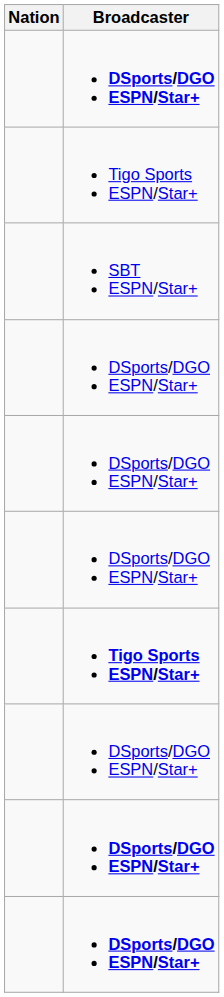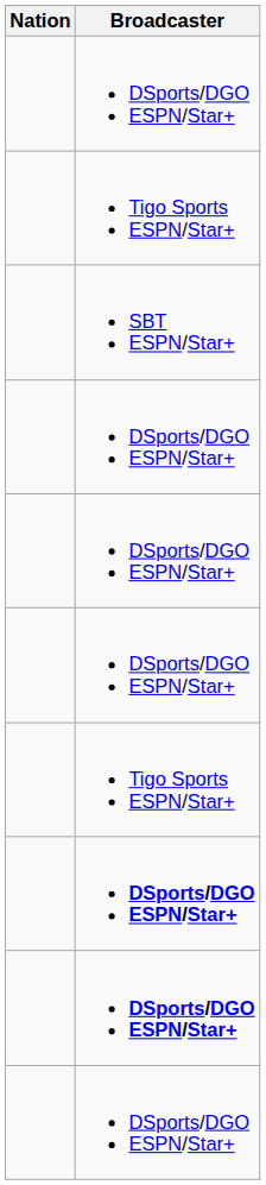 <table class="wikitable">
 <tr>
 <th>Nation</th>
 <th>Broadcaster</th>
 </tr>
 <tr>
 <td></td>
-<td><strong><br><ul><li><a href='#'>DSports</a>/<a href='#'>DGO</a></li><li><a href='#'>ESPN</a>/<a href='#'>Star+</a></li></ul></strong></td>
+<td><br><ul><li><a href='#'>DSports</a>/<a href='#'>DGO</a></li><li><a href='#'>ESPN</a>/<a href='#'>Star+</a></li></ul></td>
 </tr>
 <tr>
 <td></td>
 <td><br><ul><li><a href='#'>Tigo Sports</a></li><li><a href='#'>ESPN</a>/<a href='#'>Star+</a></li></ul></td>
 </tr>
 <tr>
 <td></td>
 <td><br><ul><li><a href='#'>SBT</a></li><li><a href='#'>ESPN</a>/<a href='#'>Star+</a></li></ul></td>
 </tr>
 <tr>
 <td></td>
 <td><br><ul><li><a href='#'>DSports</a>/<a href='#'>DGO</a></li><li><a href='#'>ESPN</a>/<a href='#'>Star+</a></li></ul></td>
 </tr>
 <tr>
 <td></td>
 <td><br><ul><li><a href='#'>DSports</a>/<a href='#'>DGO</a></li><li><a href='#'>ESPN</a>/<a href='#'>Star+</a></li></ul></td>
 </tr>
 <tr>
 <td></td>
 <td><br><ul><li><a href='#'>DSports</a>/<a href='#'>DGO</a></li><li><a href='#'>ESPN</a>/<a href='#'>Star+</a></li></ul></td>
 </tr>
 <tr>
 <td></td>
-<td><strong><br><ul><li><a href='#'>Tigo Sports</a></li><li><a href='#'>ESPN</a>/<a href='#'>Star+</a></li></ul></strong></td>
-</tr>
-<tr>
-<td></td>
-<td><br><ul><li><a href='#'>DSports</a>/<a href='#'>DGO</a></li><li><a href='#'>ESPN</a>/<a href='#'>Star+</a></li></ul></td>
+<td><br><ul><li><a href='#'>Tigo Sports</a></li><li><a href='#'>ESPN</a>/<a href='#'>Star+</a></li></ul></td>
 </tr>
 <tr>
 <td></td>
 <td><strong><br><ul><li><a href='#'>DSports</a>/<a href='#'>DGO</a></li><li><a href='#'>ESPN</a>/<a href='#'>Star+</a></li></ul></strong></td>
 </tr>
 <tr>
 <td></td>
 <td><strong><br><ul><li><a href='#'>DSports</a>/<a href='#'>DGO</a></li><li><a href='#'>ESPN</a>/<a href='#'>Star+</a></li></ul></strong></td>
 </tr>
+<tr>
+<td></td>
+<td><br><ul><li><a href='#'>DSports</a>/<a href='#'>DGO</a></li><li><a href='#'>ESPN</a>/<a href='#'>Star+</a></li></ul></td>
+</tr>
 </table>
